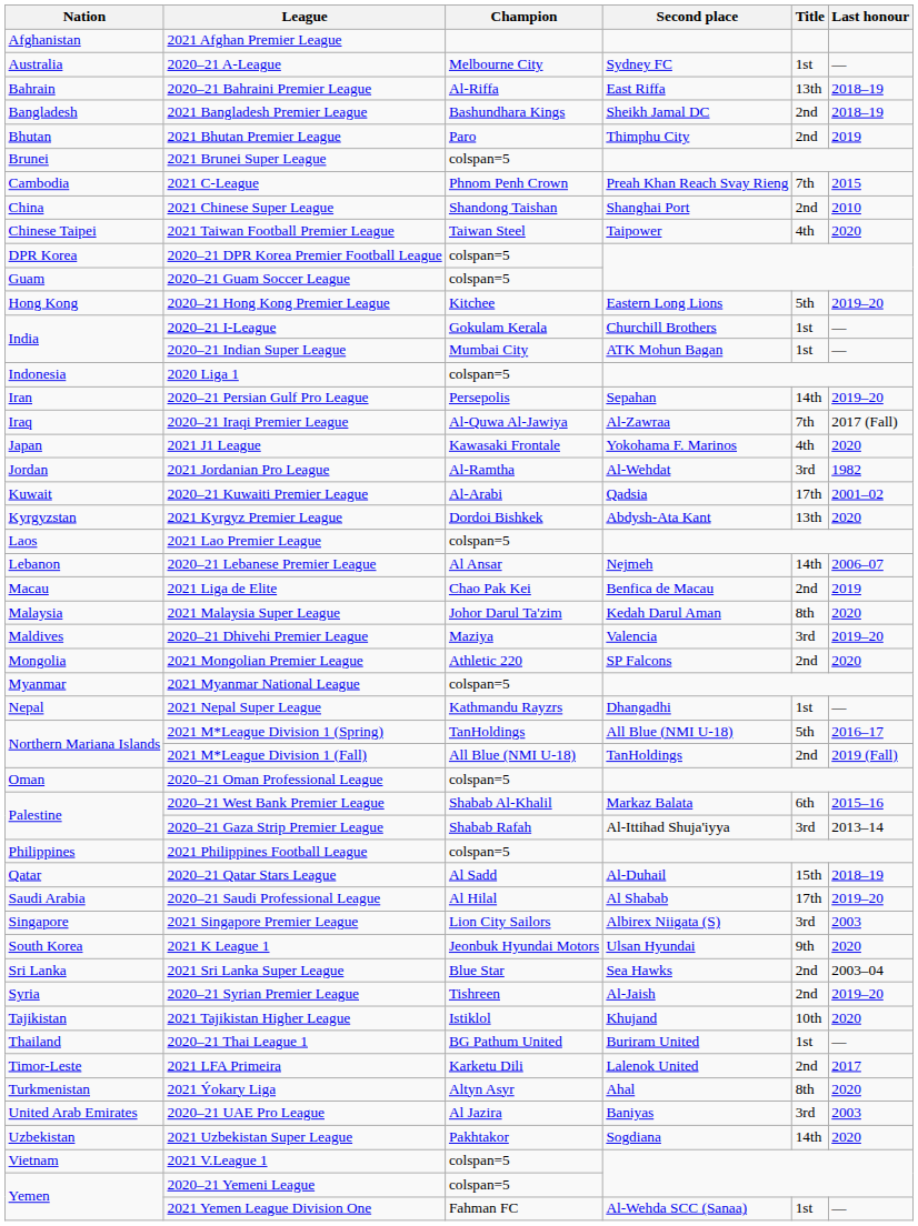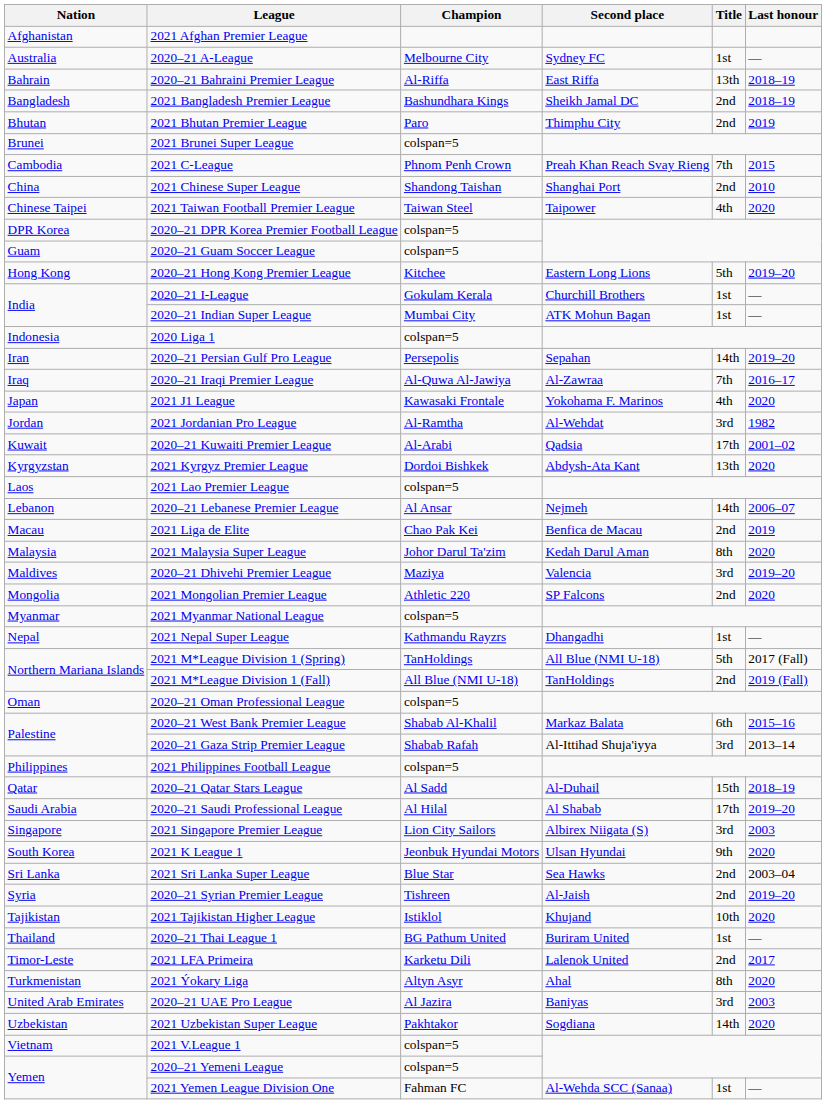 <table class=wikitable style="font-size:14px">
 <tr>
 <th>Nation</th>
 <th>League</th>
 <th>Champion</th>
 <th>Second place</th>
 <th data-sort-type="number">Title</th>
 <th>Last honour</th>
 </tr>
 <tr>
 <td> <a href='#'>Afghanistan</a></td>
 <td><a href='#'>2021 Afghan Premier League</a></td>
 <td></td>
 <td></td>
 <td></td>
 <td></td>
 </tr>
 <tr>
 <td> <a href='#'>Australia</a></td>
 <td><a href='#'>2020–21 A-League</a></td>
 <td><a href='#'>Melbourne City</a></td>
 <td><a href='#'>Sydney FC</a></td>
 <td>1st</td>
 <td>—</td>
 </tr>
 <tr>
 <td> <a href='#'>Bahrain</a></td>
 <td><a href='#'>2020–21 Bahraini Premier League</a></td>
 <td><a href='#'>Al-Riffa</a></td>
 <td><a href='#'>East Riffa</a></td>
 <td>13th</td>
 <td><a href='#'>2018–19</a></td>
 </tr>
 <tr>
 <td> <a href='#'>Bangladesh</a></td>
 <td><a href='#'>2021 Bangladesh Premier League</a></td>
 <td><a href='#'>Bashundhara Kings</a></td>
 <td><a href='#'>Sheikh Jamal DC</a></td>
 <td>2nd</td>
 <td><a href='#'>2018–19</a></td>
 </tr>
 <tr>
 <td> <a href='#'>Bhutan</a></td>
 <td><a href='#'>2021 Bhutan Premier League</a></td>
 <td><a href='#'>Paro</a></td>
 <td><a href='#'>Thimphu City</a></td>
 <td>2nd</td>
 <td><a href='#'>2019</a></td>
 </tr>
 <tr>
 <td> <a href='#'>Brunei</a></td>
 <td><a href='#'>2021 Brunei Super League</a></td>
 <td>colspan=5 </td>
 </tr>
 <tr>
 <td> <a href='#'>Cambodia</a></td>
 <td><a href='#'>2021 C-League</a></td>
 <td><a href='#'>Phnom Penh Crown</a></td>
 <td><a href='#'>Preah Khan Reach Svay Rieng</a></td>
 <td>7th</td>
 <td><a href='#'>2015</a></td>
 </tr>
 <tr>
 <td> <a href='#'>China</a></td>
 <td><a href='#'>2021 Chinese Super League</a></td>
 <td><a href='#'>Shandong Taishan</a></td>
 <td><a href='#'>Shanghai Port</a></td>
 <td>2nd</td>
 <td><a href='#'>2010</a></td>
 </tr>
 <tr>
 <td> <a href='#'>Chinese Taipei</a></td>
 <td><a href='#'>2021 Taiwan Football Premier League</a></td>
 <td><a href='#'>Taiwan Steel</a></td>
 <td><a href='#'>Taipower</a></td>
 <td>4th</td>
 <td><a href='#'>2020</a></td>
 </tr>
 <tr>
 <td> <a href='#'>DPR Korea</a></td>
 <td><a href='#'>2020–21 DPR Korea Premier Football League</a></td>
 <td>colspan=5 </td>
 </tr>
 <tr>
 <td> <a href='#'>Guam</a></td>
 <td><a href='#'>2020–21 Guam Soccer League</a></td>
 <td>colspan=5 </td>
 </tr>
 <tr>
 <td> <a href='#'>Hong Kong</a></td>
 <td><a href='#'>2020–21 Hong Kong Premier League</a></td>
 <td><a href='#'>Kitchee</a></td>
 <td><a href='#'>Eastern Long Lions</a></td>
 <td>5th</td>
 <td><a href='#'>2019–20</a></td>
 </tr>
 <tr>
 <td rowspan=2> <a href='#'>India</a></td>
 <td><a href='#'>2020–21 I-League</a></td>
 <td><a href='#'>Gokulam Kerala</a></td>
 <td><a href='#'>Churchill Brothers</a></td>
 <td>1st</td>
 <td>—</td>
 </tr>
 <tr>
 <td><a href='#'>2020–21 Indian Super League</a></td>
 <td><a href='#'>Mumbai City</a></td>
 <td><a href='#'>ATK Mohun Bagan</a></td>
 <td>1st</td>
 <td>—</td>
 </tr>
 <tr>
 <td> <a href='#'>Indonesia</a></td>
 <td><a href='#'>2020 Liga 1</a></td>
 <td>colspan=5 </td>
 </tr>
 <tr>
 <td> <a href='#'>Iran</a></td>
 <td><a href='#'>2020–21 Persian Gulf Pro League</a></td>
 <td><a href='#'>Persepolis</a></td>
 <td><a href='#'>Sepahan</a></td>
 <td>14th</td>
 <td><a href='#'>2019–20</a></td>
 </tr>
 <tr>
 <td> <a href='#'>Iraq</a></td>
 <td><a href='#'>2020–21 Iraqi Premier League</a></td>
 <td><a href='#'>Al-Quwa Al-Jawiya</a></td>
 <td><a href='#'>Al-Zawraa</a></td>
 <td>7th</td>
-<td>2017 (Fall)</td>
+<td><a href='#'>2016–17</a></td>
 </tr>
 <tr>
 <td> <a href='#'>Japan</a></td>
 <td><a href='#'>2021 J1 League</a></td>
 <td><a href='#'>Kawasaki Frontale</a></td>
 <td><a href='#'>Yokohama F. Marinos</a></td>
 <td>4th</td>
 <td><a href='#'>2020</a></td>
 </tr>
 <tr>
 <td> <a href='#'>Jordan</a></td>
 <td><a href='#'>2021 Jordanian Pro League</a></td>
 <td><a href='#'>Al-Ramtha</a></td>
 <td><a href='#'>Al-Wehdat</a></td>
 <td>3rd</td>
 <td><a href='#'>1982</a></td>
 </tr>
 <tr>
 <td> <a href='#'>Kuwait</a></td>
 <td><a href='#'>2020–21 Kuwaiti Premier League</a></td>
 <td><a href='#'>Al-Arabi</a></td>
 <td><a href='#'>Qadsia</a></td>
 <td>17th</td>
 <td><a href='#'>2001–02</a></td>
 </tr>
 <tr>
 <td> <a href='#'>Kyrgyzstan</a></td>
 <td><a href='#'>2021 Kyrgyz Premier League</a></td>
 <td><a href='#'>Dordoi Bishkek</a></td>
 <td><a href='#'>Abdysh-Ata Kant</a></td>
 <td>13th</td>
 <td><a href='#'>2020</a></td>
 </tr>
 <tr>
 <td> <a href='#'>Laos</a></td>
 <td><a href='#'>2021 Lao Premier League</a></td>
 <td>colspan=5 </td>
 </tr>
 <tr>
 <td> <a href='#'>Lebanon</a></td>
 <td><a href='#'>2020–21 Lebanese Premier League</a></td>
 <td><a href='#'>Al Ansar</a></td>
 <td><a href='#'>Nejmeh</a></td>
 <td>14th</td>
 <td><a href='#'>2006–07</a></td>
 </tr>
 <tr>
 <td> <a href='#'>Macau</a></td>
 <td><a href='#'>2021 Liga de Elite</a></td>
 <td><a href='#'>Chao Pak Kei</a></td>
 <td><a href='#'>Benfica de Macau</a></td>
 <td>2nd</td>
 <td><a href='#'>2019</a></td>
 </tr>
 <tr>
 <td> <a href='#'>Malaysia</a></td>
 <td><a href='#'>2021 Malaysia Super League</a></td>
 <td><a href='#'>Johor Darul Ta'zim</a></td>
 <td><a href='#'>Kedah Darul Aman</a></td>
 <td>8th</td>
 <td><a href='#'>2020</a></td>
 </tr>
 <tr>
 <td> <a href='#'>Maldives</a></td>
 <td><a href='#'>2020–21 Dhivehi Premier League</a></td>
 <td><a href='#'>Maziya</a></td>
 <td><a href='#'>Valencia</a></td>
 <td>3rd</td>
 <td><a href='#'>2019–20</a></td>
 </tr>
 <tr>
 <td> <a href='#'>Mongolia</a></td>
 <td><a href='#'>2021 Mongolian Premier League</a></td>
 <td><a href='#'>Athletic 220</a></td>
 <td><a href='#'>SP Falcons</a></td>
 <td>2nd</td>
 <td><a href='#'>2020</a></td>
 </tr>
 <tr>
 <td> <a href='#'>Myanmar</a></td>
 <td><a href='#'>2021 Myanmar National League</a></td>
 <td>colspan=5 </td>
 </tr>
 <tr>
 <td> <a href='#'>Nepal</a></td>
 <td><a href='#'>2021 Nepal Super League</a></td>
 <td><a href='#'>Kathmandu Rayzrs</a></td>
 <td><a href='#'>Dhangadhi</a></td>
 <td>1st</td>
 <td>—</td>
 </tr>
 <tr>
 <td rowspan="2"> <a href='#'>Northern Mariana Islands</a></td>
 <td><a href='#'>2021 M*League Division 1 (Spring)</a></td>
 <td><a href='#'>TanHoldings</a></td>
 <td><a href='#'>All Blue (NMI U-18)</a></td>
 <td>5th</td>
-<td><a href='#'>2016–17</a></td>
+<td>2017 (Fall)</td>
 </tr>
 <tr>
 <td><a href='#'>2021 M*League Division 1 (Fall)</a></td>
 <td><a href='#'>All Blue (NMI U-18)</a></td>
 <td><a href='#'>TanHoldings</a></td>
 <td>2nd</td>
 <td><a href='#'>2019 (Fall)</a></td>
 </tr>
 <tr>
 <td> <a href='#'>Oman</a></td>
 <td><a href='#'>2020–21 Oman Professional League</a></td>
 <td>colspan=5 </td>
 </tr>
 <tr>
 <td rowspan=2> <a href='#'>Palestine</a></td>
 <td><a href='#'>2020–21 West Bank Premier League</a></td>
 <td><a href='#'>Shabab Al-Khalil</a></td>
 <td><a href='#'>Markaz Balata</a></td>
 <td>6th</td>
 <td><a href='#'>2015–16</a></td>
 </tr>
 <tr>
 <td><a href='#'>2020–21 Gaza Strip Premier League</a></td>
 <td><a href='#'>Shabab Rafah</a></td>
 <td>Al-Ittihad Shuja'iyya</td>
 <td>3rd</td>
 <td>2013–14</td>
 </tr>
 <tr>
 <td> <a href='#'>Philippines</a></td>
 <td><a href='#'>2021 Philippines Football League</a></td>
 <td>colspan=5 </td>
 </tr>
 <tr>
 <td> <a href='#'>Qatar</a></td>
 <td><a href='#'>2020–21 Qatar Stars League</a></td>
 <td><a href='#'>Al Sadd</a></td>
 <td><a href='#'>Al-Duhail</a></td>
 <td>15th</td>
 <td><a href='#'>2018–19</a></td>
 </tr>
 <tr>
 <td> <a href='#'>Saudi Arabia</a></td>
 <td><a href='#'>2020–21 Saudi Professional League</a></td>
 <td><a href='#'>Al Hilal</a></td>
 <td><a href='#'>Al Shabab</a></td>
 <td>17th</td>
 <td><a href='#'>2019–20</a></td>
 </tr>
 <tr>
 <td> <a href='#'>Singapore</a></td>
 <td><a href='#'>2021 Singapore Premier League</a></td>
 <td><a href='#'>Lion City Sailors</a></td>
 <td><a href='#'>Albirex Niigata (S)</a></td>
 <td>3rd</td>
 <td><a href='#'>2003</a></td>
 </tr>
 <tr>
 <td> <a href='#'>South Korea</a></td>
 <td><a href='#'>2021 K League 1</a></td>
 <td><a href='#'>Jeonbuk Hyundai Motors</a></td>
 <td><a href='#'>Ulsan Hyundai</a></td>
 <td>9th</td>
 <td><a href='#'>2020</a></td>
 </tr>
 <tr>
 <td> <a href='#'>Sri Lanka</a></td>
 <td><a href='#'>2021 Sri Lanka Super League</a></td>
 <td><a href='#'>Blue Star</a></td>
 <td><a href='#'>Sea Hawks</a></td>
 <td>2nd</td>
 <td>2003–04</td>
 </tr>
 <tr>
 <td> <a href='#'>Syria</a></td>
 <td><a href='#'>2020–21 Syrian Premier League</a></td>
 <td><a href='#'>Tishreen</a></td>
 <td><a href='#'>Al-Jaish</a></td>
 <td>2nd</td>
 <td><a href='#'>2019–20</a></td>
 </tr>
 <tr>
 <td> <a href='#'>Tajikistan</a></td>
 <td><a href='#'>2021 Tajikistan Higher League</a></td>
 <td><a href='#'>Istiklol</a></td>
 <td><a href='#'>Khujand</a></td>
 <td>10th</td>
 <td><a href='#'>2020</a></td>
 </tr>
 <tr>
 <td> <a href='#'>Thailand</a></td>
 <td><a href='#'>2020–21 Thai League 1</a></td>
 <td><a href='#'>BG Pathum United</a></td>
 <td><a href='#'>Buriram United</a></td>
 <td>1st</td>
 <td>—</td>
 </tr>
 <tr>
 <td> <a href='#'>Timor-Leste</a></td>
 <td><a href='#'>2021 LFA Primeira</a></td>
 <td><a href='#'>Karketu Dili</a></td>
 <td><a href='#'>Lalenok United</a></td>
 <td>2nd</td>
 <td><a href='#'>2017</a></td>
 </tr>
 <tr>
 <td> <a href='#'>Turkmenistan</a></td>
 <td><a href='#'>2021 Ýokary Liga</a></td>
 <td><a href='#'>Altyn Asyr</a></td>
 <td><a href='#'>Ahal</a></td>
 <td>8th</td>
 <td><a href='#'>2020</a></td>
 </tr>
 <tr>
 <td> <a href='#'>United Arab Emirates</a></td>
 <td><a href='#'>2020–21 UAE Pro League</a></td>
 <td><a href='#'>Al Jazira</a></td>
 <td><a href='#'>Baniyas</a></td>
 <td>3rd</td>
 <td><a href='#'>2003</a></td>
 </tr>
 <tr>
 <td> <a href='#'>Uzbekistan</a></td>
 <td><a href='#'>2021 Uzbekistan Super League</a></td>
 <td><a href='#'>Pakhtakor</a></td>
 <td><a href='#'>Sogdiana</a></td>
 <td>14th</td>
 <td><a href='#'>2020</a></td>
 </tr>
 <tr>
 <td> <a href='#'>Vietnam</a></td>
 <td><a href='#'>2021 V.League 1</a></td>
 <td>colspan=5 </td>
 </tr>
 <tr>
 <td rowspan=2> <a href='#'>Yemen</a></td>
 <td><a href='#'>2020–21 Yemeni League</a></td>
 <td>colspan=5 </td>
 </tr>
 <tr>
 <td><a href='#'>2021 Yemen League Division One</a></td>
 <td>Fahman FC</td>
 <td><a href='#'>Al-Wehda SCC (Sanaa)</a></td>
 <td>1st</td>
 <td>—</td>
 </tr>
 </table>
